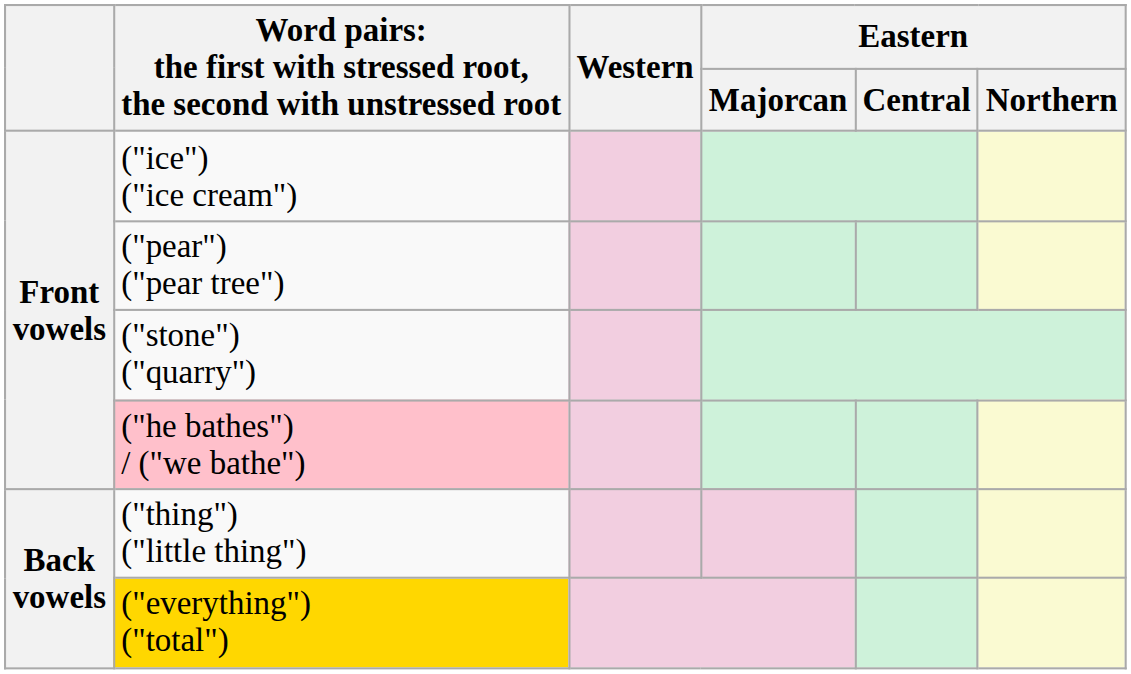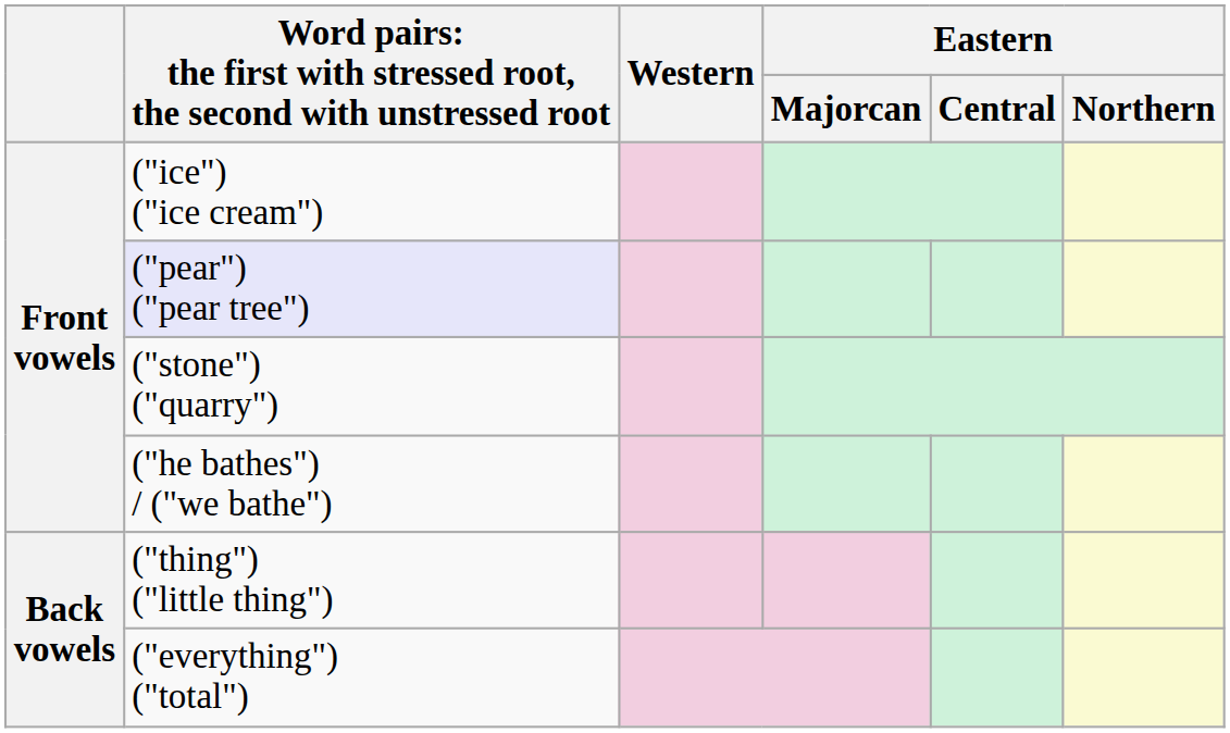 <table class="wikitable">
 <tr>
 <th rowspan="2"></th>
 <th rowspan="2">Word pairs:<br>the first with stressed root,<br>the second with unstressed root</th>
 <th rowspan="2">Western</th>
 <th colspan="3">Eastern</th>
 </tr>
 <tr>
 <th>Majorcan</th>
 <th>Central</th>
 <th>Northern</th>
 </tr>
 <tr>
 <th rowspan="4">Front<br>vowels</th>
 <td><strong></strong> ("ice")<br><strong></strong> ("ice cream")</td>
 <td style="background:#f2cee0;"><br></td>
 <td colspan="2" style="background:#cef2da;"><br></td>
 <td style="background:#fafad2;"><br></td>
 </tr>
 <tr>
-<td><strong></strong> ("pear")<br><strong></strong> ("pear tree")</td>
+<td style="background: lavender;"><strong></strong> ("pear")<br><strong></strong> ("pear tree")</td>
 <td style="background:#f2cee0;"><br></td>
 <td style="background:#cef2da;"><br></td>
 <td style="background:#cef2da;"><br></td>
 <td style="background:#fafad2;"><br></td>
 </tr>
 <tr>
 <td><strong></strong> ("stone")<br><strong></strong> ("quarry")</td>
 <td style="background:#f2cee0;"><br></td>
 <td colspan="3" style="background:#cef2da;"><br></td>
 </tr>
 <tr>
-<td style="background: pink;"><strong></strong> ("he bathes")<br><strong></strong>/<strong></strong> ("we bathe")</td>
+<td><strong></strong> ("he bathes")<br><strong></strong>/<strong></strong> ("we bathe")</td>
 <td style="background:#f2cee0;"><br></td>
 <td style="background:#cef2da;"><br></td>
 <td style="background:#cef2da;"><br></td>
 <td style="background:#fafad2;"><br></td>
 </tr>
 <tr>
 <th rowspan="2">Back<br>vowels</th>
 <td><strong></strong> ("thing")<br><strong></strong> ("little thing")</td>
 <td style="background:#f2cee0;"><br></td>
 <td style="background:#f2cee0;"><br></td>
 <td style="background:#cef2da;"><br></td>
 <td style="background:#fafad2;"><br></td>
 </tr>
 <tr>
-<td style="background: gold;"><strong></strong> ("everything")<br><strong></strong> ("total")</td>
+<td><strong></strong> ("everything")<br><strong></strong> ("total")</td>
 <td colspan="2" style="background:#f2cee0;"><br></td>
 <td style="background:#cef2da;"><br></td>
 <td style="background:#fafad2;"><br></td>
 </tr>
 </table>
